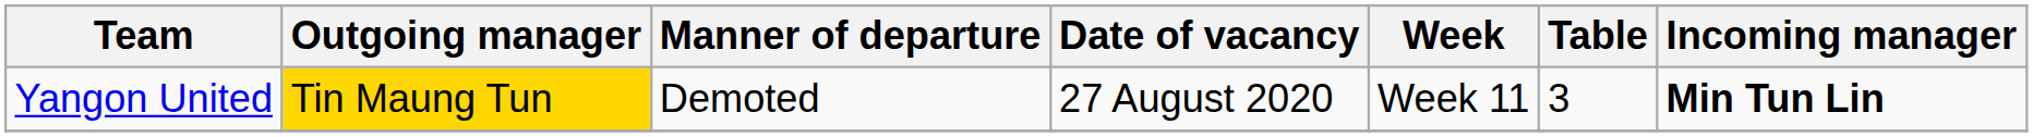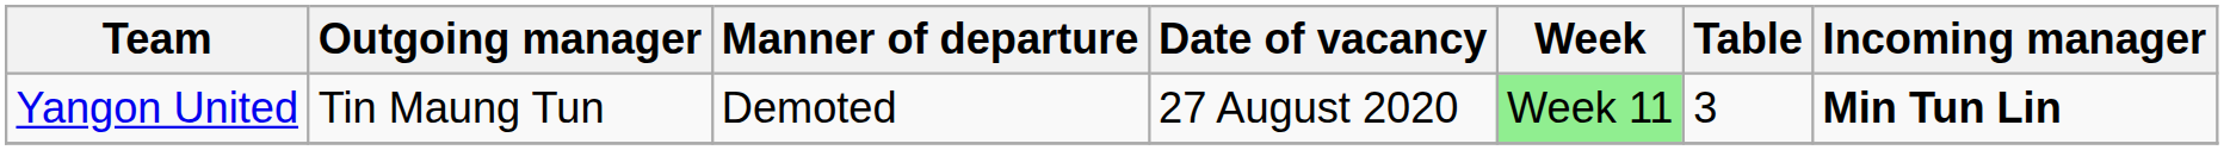 <table class="wikitable">
 <tr>
 <th>Team</th>
 <th>Outgoing manager</th>
 <th>Manner of departure</th>
 <th>Date of vacancy</th>
 <th>Week</th>
 <th>Table</th>
 <th>Incoming manager</th>
 </tr>
 <tr>
 <td><a href='#'>Yangon United</a></td>
-<td style="background: gold;"> Tin Maung Tun</td>
+<td> Tin Maung Tun</td>
 <td>Demoted</td>
 <td>27 August 2020</td>
-<td>Week 11</td>
+<td style="background: lightgreen;">Week 11</td>
 <td>3</td>
 <td><strong>  Min Tun Lin</strong></td>
 </tr>
 <tr>
 </tr>
 </table>
